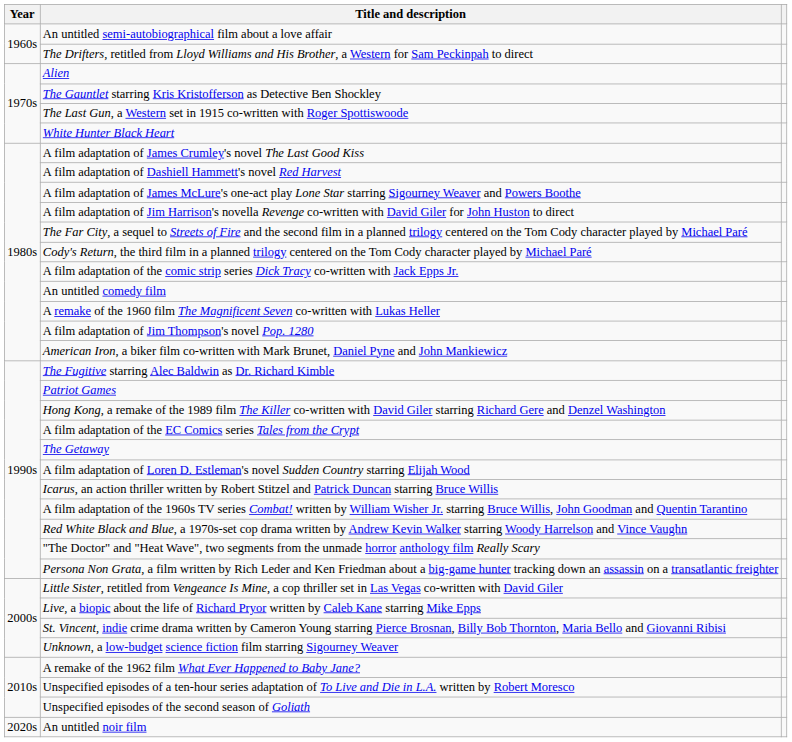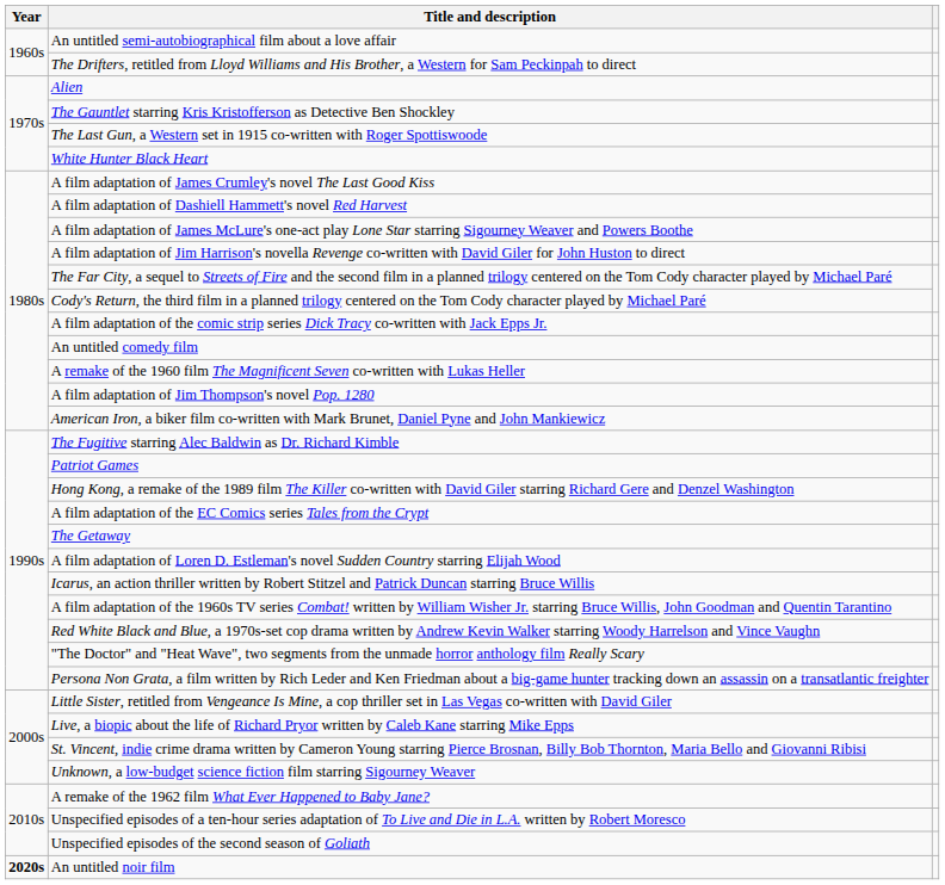 <table class="wikitable plainrowheaders">
 <tr>
 <th scope="col">Year</th>
 <th scope="col">Title and description</th>
 <th scope="col"></th>
 </tr>
 <tr>
 <td rowspan="2">1960s</td>
 <td>An untitled <a href='#'>semi-autobiographical</a> film about a love affair</td>
 <td></td>
 </tr>
 <tr>
 <td><em>The Drifters</em>, retitled from <em>Lloyd Williams and His Brother</em>, a <a href='#'>Western</a> for <a href='#'>Sam Peckinpah</a> to direct</td>
 <td></td>
 </tr>
 <tr>
 <td rowspan="4">1970s</td>
 <td><em><a href='#'>Alien</a></em></td>
 <td></td>
 </tr>
 <tr>
 <td><em><a href='#'>The Gauntlet</a></em> starring <a href='#'>Kris Kristofferson</a> as Detective Ben Shockley</td>
 <td></td>
 </tr>
 <tr>
 <td><em>The Last Gun</em>, a <a href='#'>Western</a> set in 1915 co-written with <a href='#'>Roger Spottiswoode</a></td>
 <td></td>
 </tr>
 <tr>
 <td><em><a href='#'>White Hunter Black Heart</a></em></td>
 <td></td>
 </tr>
 <tr>
 <td rowspan="11">1980s</td>
 <td>A film adaptation of <a href='#'>James Crumley</a>'s novel <em>The Last Good Kiss</em></td>
 <td rowspan="2"></td>
 </tr>
 <tr>
 <td>A film adaptation of <a href='#'>Dashiell Hammett</a>'s novel <em><a href='#'>Red Harvest</a></em></td>
 </tr>
 <tr>
 <td>A film adaptation of <a href='#'>James McLure</a>'s one-act play <em>Lone Star</em> starring <a href='#'>Sigourney Weaver</a> and <a href='#'>Powers Boothe</a></td>
 <td></td>
 </tr>
 <tr>
 <td>A film adaptation of <a href='#'>Jim Harrison</a>'s novella <em>Revenge</em> co-written with <a href='#'>David Giler</a> for <a href='#'>John Huston</a> to direct</td>
 <td></td>
 </tr>
 <tr>
 <td><em>The Far City</em>, a sequel to <em><a href='#'>Streets of Fire</a></em> and the second film in a planned <a href='#'>trilogy</a> centered on the Tom Cody character played by <a href='#'>Michael Paré</a></td>
 <td rowspan="2"></td>
 </tr>
 <tr>
 <td><em>Cody's Return</em>, the third film in a planned <a href='#'>trilogy</a> centered on the Tom Cody character played by <a href='#'>Michael Paré</a></td>
 </tr>
 <tr>
 <td>A film adaptation of the <a href='#'>comic strip</a> series <em><a href='#'>Dick Tracy</a></em> co-written with <a href='#'>Jack Epps Jr.</a></td>
 <td></td>
 </tr>
 <tr>
 <td>An untitled <a href='#'>comedy film</a></td>
 <td></td>
 </tr>
 <tr>
 <td>A <a href='#'>remake</a> of the 1960 film <em><a href='#'>The Magnificent Seven</a></em> co-written with <a href='#'>Lukas Heller</a></td>
 <td></td>
 </tr>
 <tr>
 <td>A film adaptation of <a href='#'>Jim Thompson</a>'s novel <em><a href='#'>Pop. 1280</a></em></td>
 <td></td>
 </tr>
 <tr>
 <td><em>American Iron</em>, a biker film co-written with Mark Brunet, <a href='#'>Daniel Pyne</a> and <a href='#'>John Mankiewicz</a></td>
 <td></td>
 </tr>
 <tr>
 <td rowspan="11">1990s</td>
 <td><em><a href='#'>The Fugitive</a></em> starring <a href='#'>Alec Baldwin</a> as <a href='#'>Dr. Richard Kimble</a></td>
 <td></td>
 </tr>
 <tr>
 <td><em><a href='#'>Patriot Games</a></em></td>
 <td></td>
 </tr>
 <tr>
 <td><em>Hong Kong</em>, a remake of the 1989 film <em><a href='#'>The Killer</a></em> co-written with <a href='#'>David Giler</a> starring <a href='#'>Richard Gere</a> and <a href='#'>Denzel Washington</a></td>
 <td></td>
 </tr>
 <tr>
 <td>A film adaptation of the <a href='#'>EC Comics</a> series <em><a href='#'>Tales from the Crypt</a></em></td>
 <td></td>
 </tr>
 <tr>
 <td><em><a href='#'>The Getaway</a></em></td>
 <td></td>
 </tr>
 <tr>
 <td>A film adaptation of <a href='#'>Loren D. Estleman</a>'s novel <em>Sudden Country</em> starring <a href='#'>Elijah Wood</a></td>
 <td></td>
 </tr>
 <tr>
 <td><em>Icarus</em>, an action thriller written by Robert Stitzel and <a href='#'>Patrick Duncan</a> starring <a href='#'>Bruce Willis</a></td>
 <td></td>
 </tr>
 <tr>
 <td>A film adaptation of the 1960s TV series <em><a href='#'>Combat!</a></em> written by <a href='#'>William Wisher Jr.</a> starring <a href='#'>Bruce Willis</a>, <a href='#'>John Goodman</a> and <a href='#'>Quentin Tarantino</a></td>
 <td></td>
 </tr>
 <tr>
 <td><em>Red White Black and Blue</em>, a 1970s-set cop drama written by <a href='#'>Andrew Kevin Walker</a> starring <a href='#'>Woody Harrelson</a> and <a href='#'>Vince Vaughn</a></td>
 <td></td>
 </tr>
 <tr>
 <td>"The Doctor" and "Heat Wave", two segments from the unmade <a href='#'>horror</a> <a href='#'>anthology film</a> <em>Really Scary</em></td>
 <td></td>
 </tr>
 <tr>
 <td><em>Persona Non Grata</em>, a film written by Rich Leder and Ken Friedman about a <a href='#'>big-game hunter</a> tracking down an <a href='#'>assassin</a> on a <a href='#'>transatlantic freighter</a></td>
 <td></td>
 </tr>
 <tr>
 <td rowspan="4">2000s</td>
 <td><em>Little Sister</em>, retitled from <em>Vengeance Is Mine</em>, a cop thriller set in <a href='#'>Las Vegas</a> co-written with <a href='#'>David Giler</a></td>
 <td></td>
 </tr>
 <tr>
 <td><em>Live</em>, a <a href='#'>biopic</a> about the life of <a href='#'>Richard Pryor</a> written by <a href='#'>Caleb Kane</a> starring <a href='#'>Mike Epps</a></td>
 <td></td>
 </tr>
 <tr>
 <td><em>St. Vincent</em>, <a href='#'>indie</a> crime drama written by Cameron Young starring <a href='#'>Pierce Brosnan</a>, <a href='#'>Billy Bob Thornton</a>, <a href='#'>Maria Bello</a> and <a href='#'>Giovanni Ribisi</a></td>
 <td></td>
 </tr>
 <tr>
 <td><em>Unknown</em>, a <a href='#'>low-budget</a> <a href='#'>science fiction</a> film starring <a href='#'>Sigourney Weaver</a></td>
 <td></td>
 </tr>
 <tr>
 <td rowspan="3">2010s</td>
 <td>A remake of the 1962 film <em><a href='#'>What Ever Happened to Baby Jane?</a></em></td>
 <td></td>
 </tr>
 <tr>
 <td>Unspecified episodes of a ten-hour series adaptation of <em><a href='#'>To Live and Die in L.A.</a></em> written by <a href='#'>Robert Moresco</a></td>
 <td></td>
 </tr>
 <tr>
 <td>Unspecified episodes of the second season of <em><a href='#'>Goliath</a></em></td>
 <td></td>
 </tr>
 <tr>
-<td rowspan="1">2020s</td>
+<td rowspan="1"><strong>2020s</strong></td>
 <td>An untitled <a href='#'>noir film</a></td>
 <td></td>
 </tr>
 </table>
